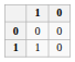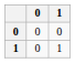 <table class="wikitable" style="text-align:center">
 <tr>
 <th style="width:1.5em"></th>
+<th style="width:1.5em">0</th>
 <th style="width:1.5em">1</th>
-<th style="width:1.5em">0</th>
 </tr>
 <tr>
 <th>0</th>
 <td>0</td>
 <td>0</td>
 </tr>
 <tr>
 <th>1</th>
+<td>0</td>
 <td>1</td>
-<td>0</td>
 </tr>
 </table>
